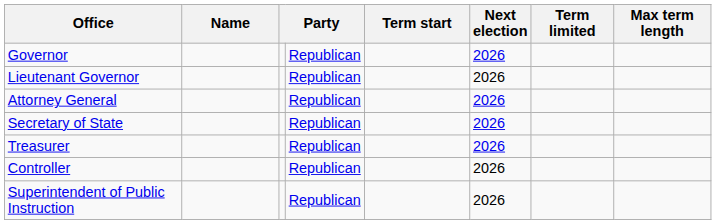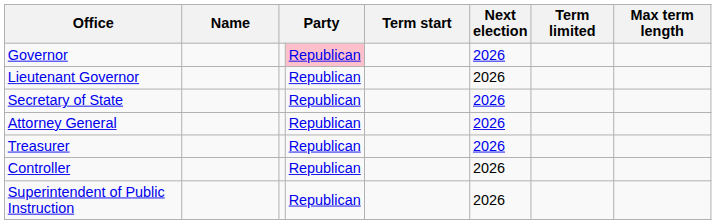 <table class="sortable wikitable">
 <tr>
 <th scope="col" width=190>Office</th>
 <th scope="col" width=100>Name</th>
 <th scope="col" width=75 colspan=2>Party</th>
 <th scope="col" width=110>Term start</th>
 <th scope="col" width=50>Next election</th>
 <th scope="col" width=85>Term limited</th>
 <th scope="col" width=100>Max term length</th>
 </tr>
 <tr>
 <td><a href='#'>Governor</a></td>
 <td></td>
 <td style="background-color:"></td>
-<td><a href='#'>Republican</a></td>
+<td style="background: pink;"><a href='#'>Republican</a></td>
 <td></td>
 <td><a href='#'>2026</a></td>
 <td></td>
 <td></td>
 </tr>
 <tr>
 <td><a href='#'>Lieutenant Governor</a></td>
 <td></td>
 <td style="background-color:"></td>
 <td><a href='#'>Republican</a></td>
 <td></td>
 <td>2026</td>
 <td></td>
 <td></td>
 </tr>
 <tr>
-<td><a href='#'>Attorney General</a></td>
+<td><a href='#'>Secretary of State</a></td>
 <td></td>
 <td style="background-color:"></td>
 <td><a href='#'>Republican</a></td>
 <td></td>
 <td><a href='#'>2026</a></td>
 <td></td>
 <td></td>
 </tr>
 <tr>
-<td><a href='#'>Secretary of State</a></td>
+<td><a href='#'>Attorney General</a></td>
 <td></td>
 <td style="background-color:"></td>
 <td><a href='#'>Republican</a></td>
 <td></td>
 <td><a href='#'>2026</a></td>
 <td></td>
 <td></td>
 </tr>
 <tr>
 <td><a href='#'>Treasurer</a></td>
 <td></td>
 <td style="background-color:"></td>
 <td><a href='#'>Republican</a></td>
 <td></td>
 <td><a href='#'>2026</a></td>
 <td></td>
 <td></td>
 </tr>
 <tr>
 <td><a href='#'>Controller</a></td>
 <td></td>
 <td style="background-color:"></td>
 <td><a href='#'>Republican</a></td>
 <td></td>
 <td>2026</td>
 <td></td>
 <td></td>
 </tr>
 <tr>
 <td><a href='#'>Superintendent of Public Instruction</a></td>
 <td></td>
 <td style="background-color:"></td>
 <td><a href='#'>Republican</a></td>
 <td></td>
 <td>2026</td>
 <td></td>
 <td></td>
 </tr>
 </table>
